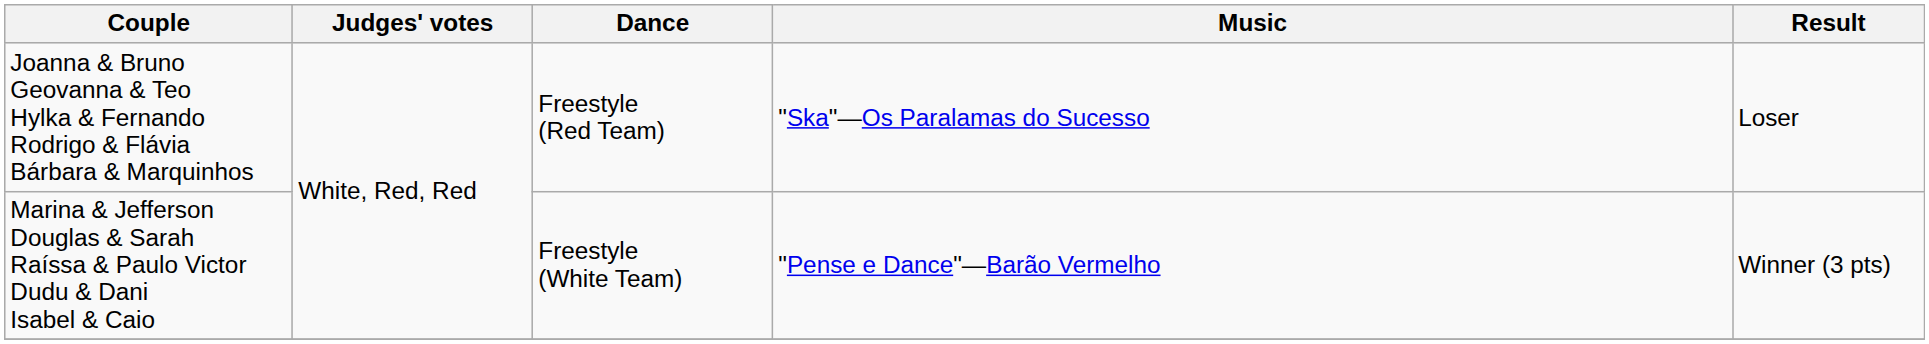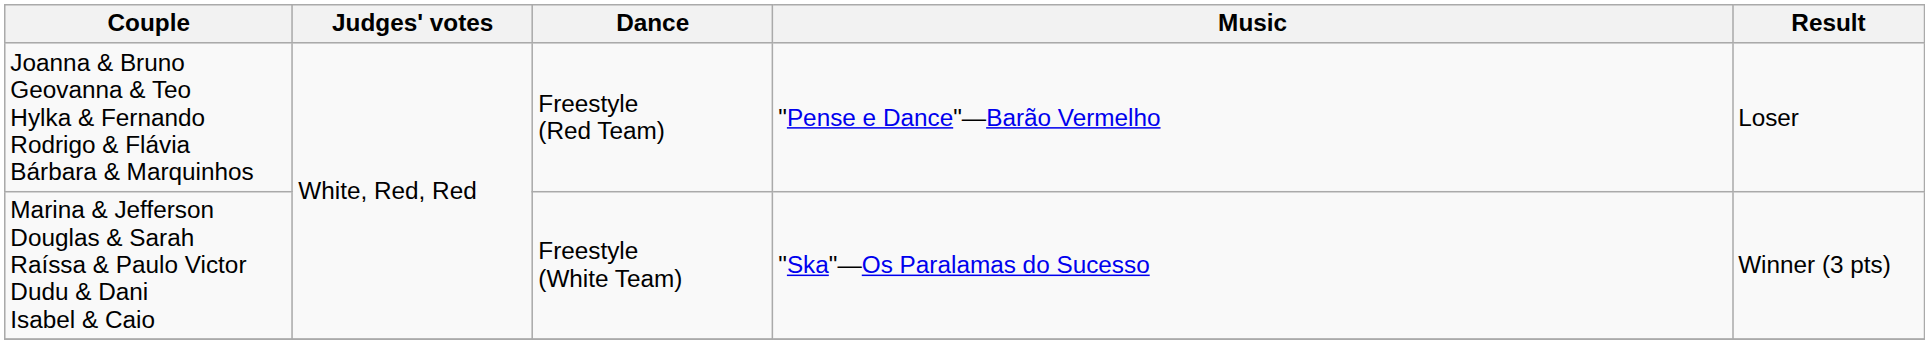 <table class="wikitable sortable" style="width:100%;">
 <tr>
 <th style="width:15.0%;">Couple</th>
 <th style="width:12.5%;">Judges' votes</th>
 <th style="width:12.5%;">Dance</th>
 <th style="width:50.0%;">Music</th>
 <th style="width:10.0%;">Result</th>
 </tr>
 <tr>
 <td>Joanna & Bruno<br>Geovanna & Teo<br>Hylka & Fernando<br>Rodrigo & Flávia<br>Bárbara & Marquinhos</td>
 <td rowspan=2>White, Red, Red</td>
 <td>Freestyle<br>(Red Team)</td>
-<td>"<a href='#'>Ska</a>"—<a href='#'>Os Paralamas do Sucesso</a></td>
+<td>"<a href='#'>Pense e Dance</a>"—<a href='#'>Barão Vermelho</a></td>
 <td>Loser</td>
 </tr>
 <tr>
 <td>Marina & Jefferson<br>Douglas & Sarah<br>Raíssa & Paulo Victor<br>Dudu & Dani<br>Isabel & Caio</td>
 <td>Freestyle<br>(White Team)</td>
-<td>"<a href='#'>Pense e Dance</a>"—<a href='#'>Barão Vermelho</a></td>
+<td>"<a href='#'>Ska</a>"—<a href='#'>Os Paralamas do Sucesso</a></td>
 <td>Winner (3 pts)</td>
 </tr>
 <tr>
 </tr>
 </table>
